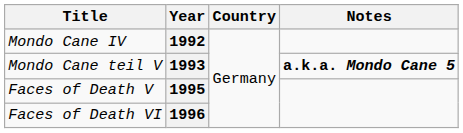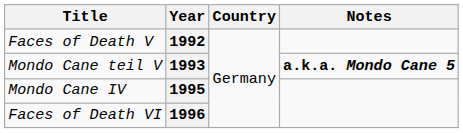 <table class="wikitable sortable plainrowheaders">
 <tr>
 <th scope="col">Title</th>
 <th scope="col">Year</th>
 <th scope="col">Country</th>
 <th scope="col">Notes</th>
 </tr>
 <tr>
-<td><em>Mondo Cane IV</em></td>
+<td><em>Faces of Death V</em></td>
 <th scope="row">1992</th>
 <td rowspan="4">Germany</td>
 </tr>
 <tr>
 <td><em>Mondo Cane teil V</em></td>
 <th scope="row">1993</th>
 <td><strong>a.k.a. <em>Mondo Cane 5</em></strong></td>
 </tr>
 <tr>
-<td><em>Faces of Death V</em></td>
+<td><em>Mondo Cane IV</em></td>
 <th scope="row">1995</th>
 </tr>
 <tr>
 <td><em>Faces of Death VI</em></td>
 <th scope="row">1996</th>
 </tr>
 </table>
